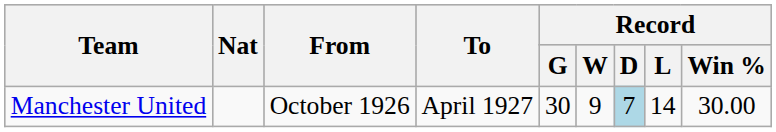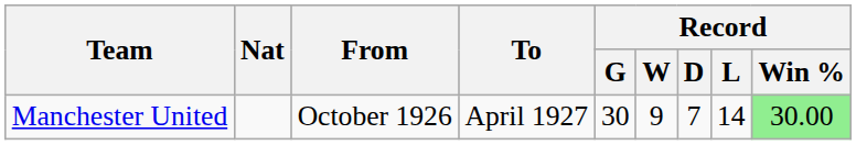 <table class="wikitable" style="text-align: center">
 <tr>
 <th rowspan="2">Team</th>
 <th rowspan="2">Nat</th>
 <th rowspan="2">From</th>
 <th rowspan="2">To</th>
 <th colspan="5">Record</th>
 </tr>
 <tr>
 <th>G</th>
 <th>W</th>
 <th>D</th>
 <th>L</th>
 <th>Win %</th>
 </tr>
 <tr>
 <td align=left><a href='#'>Manchester United</a></td>
 <td></td>
 <td align=left>October 1926</td>
 <td align=left>April 1927</td>
 <td>30</td>
 <td>9</td>
-<td style="background: lightblue;">7</td>
+<td>7</td>
 <td>14</td>
-<td>30.00</td>
+<td style="background: lightgreen;">30.00</td>
 </tr>
 </table>
